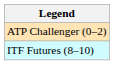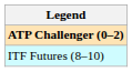 <table class=wikitable style=font-size:97%>
 <tr>
 <th>Legend</th>
 </tr>
 <tr bgcolor=moccasin>
-<td>ATP Challenger (0–2)</td>
+<td><strong>ATP Challenger (0–2)</strong></td>
 </tr>
 <tr bgcolor=cffcff>
 <td>ITF Futures (8–10)</td>
 </tr>
 </table>
